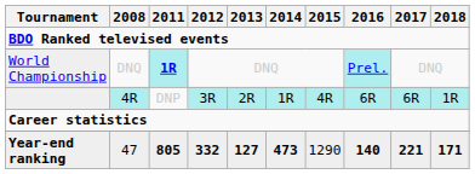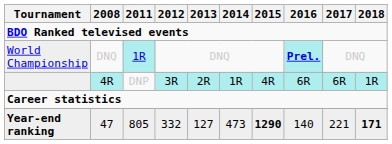 <table class="wikitable" style="width:20%; margin:0">
 <tr>
 <th>Tournament</th>
 <th>2008</th>
 <th>2011</th>
 <th>2012</th>
 <th>2013</th>
 <th>2014</th>
 <th>2015</th>
 <th>2016</th>
 <th>2017</th>
 <th>2018</th>
 </tr>
 <tr>
 <td colspan="10" align="left"><strong><a href='#'>BDO</a> Ranked televised events</strong></td>
 </tr>
 <tr>
 <td style="background:#efefef;"><a href='#'>World Championship</a></td>
 <td style="text-align:center; color:#ccc;">DNQ</td>
-<td style="text-align:center; background:#afeeee;"><strong><a href='#'>1R</a></strong></td>
+<td style="text-align:center; background:#afeeee;"><a href='#'>1R</a></td>
 <td colspan="4" style="text-align:center; color:#ccc;">DNQ</td>
-<td style="text-align:center; background:#afeeee;"><a href='#'>Prel.</a></td>
+<td style="text-align:center; background:#afeeee;"><strong><a href='#'>Prel.</a></strong></td>
 <td colspan="2" style="text-align:center; color:#ccc;">DNQ</td>
 </tr>
 <tr>
 <td style="background:#efefef;" align=left></td>
 <td style="text-align:center; background:#afeeee;">4R</td>
 <td style="text-align:center; color:#ccc;">DNP</td>
 <td style="text-align:center; background:#afeeee;">3R</td>
 <td style="text-align:center; background:#afeeee;">2R</td>
 <td style="text-align:center; background:#afeeee;">1R</td>
 <td style="text-align:center; background:#afeeee;">4R</td>
 <td style="text-align:center; background:#afeeee;">6R</td>
 <td style="text-align:center; background:#afeeee;">6R</td>
 <td style="text-align:center; background:#afeeee;">1R</td>
 </tr>
 <tr>
 <td colspan="25" align="left"><strong>Career statistics</strong></td>
 </tr>
 <tr>
 </tr>
 <tr bgcolor="efefef">
 <td align="left"><strong>Year-end ranking</strong></td>
 <td style="text-align:center;">47</td>
-<td style="text-align:center;"><strong>805</strong></td>
-<td style="text-align:center;"><strong>332</strong></td>
-<td style="text-align:center;"><strong>127</strong></td>
-<td style="text-align:center;"><strong>473</strong></td>
-<td style="text-align:center;">1290</td>
-<td style="text-align:center;"><strong>140</strong></td>
-<td style="text-align:center;"><strong>221</strong></td>
+<td style="text-align:center;">805</td>
+<td style="text-align:center;">332</td>
+<td style="text-align:center;">127</td>
+<td style="text-align:center;">473</td>
+<td style="text-align:center;"><strong>1290</strong></td>
+<td style="text-align:center;">140</td>
+<td style="text-align:center;">221</td>
 <td style="text-align:center;"><strong>171</strong></td>
 </tr>
 </table>
